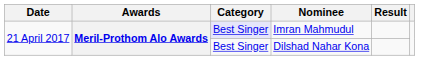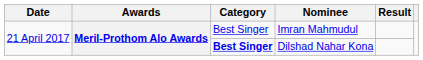 <table class="wikitable plainrowheaders sortable">
 <tr>
 <th scope="col">Date</th>
 <th scope="col">Awards</th>
 <th scope="col">Category</th>
 <th scope="col">Nominee</th>
 <th scope="col">Result</th>
 <th></th>
 </tr>
 <tr>
 <td rowspan="2"><a href='#'>21 April 2017</a></td>
 <th rowspan="2"><strong><a href='#'>Meril-Prothom Alo Awards</a></strong></th>
-<td style="background: lavender;"><a href='#'>Best Singer</a></td>
+<td><a href='#'>Best Singer</a></td>
 <td><a href='#'>Imran Mahmudul</a></td>
 <td></td>
 <td rowspan="2"></td>
 </tr>
 <tr>
-<td><a href='#'>Best Singer</a></td>
+<td><strong><a href='#'>Best Singer</a></strong></td>
 <td><a href='#'>Dilshad Nahar Kona</a></td>
 <td></td>
 </tr>
 </table>
